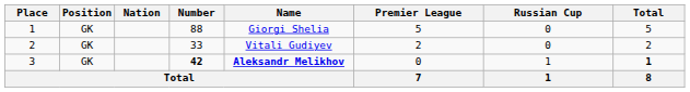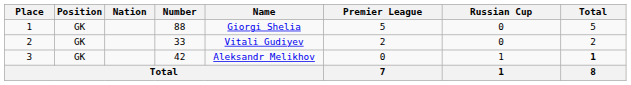 <table class="wikitable" style="font-size: 95%; text-align: center;">
 <tr>
 <th width=60>Place</th>
 <th width=60>Position</th>
 <th width=60>Nation</th>
 <th width=60>Number</th>
 <th width=150>Name</th>
 <th width=150>Premier League</th>
 <th width=150>Russian Cup</th>
 <th width=80>Total</th>
 </tr>
 <tr>
 <td>1</td>
 <td>GK</td>
 <td></td>
 <td>88</td>
 <td><a href='#'>Giorgi Shelia</a></td>
 <td>5</td>
 <td>0</td>
 <td>5</td>
 </tr>
 <tr>
 <td>2</td>
 <td>GK</td>
 <td></td>
 <td>33</td>
 <td><a href='#'>Vitali Gudiyev</a></td>
 <td>2</td>
 <td>0</td>
 <td>2</td>
 </tr>
 <tr>
 <td>3</td>
 <td>GK</td>
 <td></td>
-<td><strong>42</strong></td>
-<td><strong><a href='#'>Aleksandr Melikhov</a></strong></td>
+<td>42</td>
+<td><a href='#'>Aleksandr Melikhov</a></td>
 <td>0</td>
 <td>1</td>
 <td><strong>1</strong></td>
 </tr>
 <tr>
 <th colspan=5>Total</th>
 <th>7</th>
 <th>1</th>
 <th>8</th>
 </tr>
 </table>
